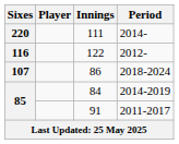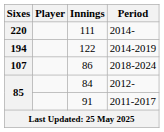 <table class="wikitable" style="text-align:left;font-size:96%;">
 <tr>
 <th>Sixes</th>
 <th>Player</th>
 <th>Innings</th>
 <th>Period</th>
 </tr>
 <tr>
 <th scope=row style=text-align:center;>220</th>
 <td></td>
 <td align=center>111</td>
 <td>2014-</td>
 </tr>
 <tr>
-<th scope=row style=text-align:center;>116</th>
+<th scope=row style=text-align:center;>194</th>
 <td></td>
 <td align=center>122</td>
-<td>2012-</td>
+<td>2014-2019</td>
 </tr>
 <tr>
 <th scope=row style=text-align:center;>107</th>
 <td></td>
 <td align=center>86</td>
 <td>2018-2024</td>
 </tr>
 <tr>
 <th scope=row style=text-align:center; rowspan=2>85</th>
 <td></td>
 <td align=center>84</td>
-<td>2014-2019</td>
+<td>2012-</td>
 </tr>
 <tr>
 <td></td>
 <td align=center>91</td>
 <td>2011-2017</td>
 </tr>
 <tr class=sortbottom>
 <th colspan=6><small>Last Updated: 25 May 2025</small></th>
 </tr>
 </table>
